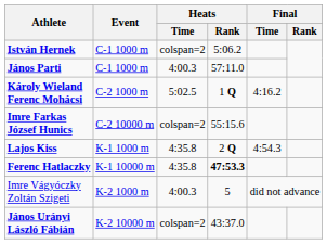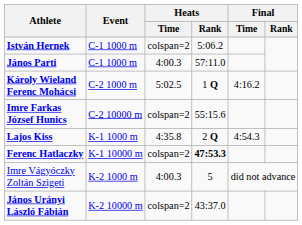 <table class="wikitable" style="font-size:90%">
 <tr>
 <th rowspan=2>Athlete</th>
 <th rowspan=2>Event</th>
 <th colspan=2>Heats</th>
 <th colspan=2>Final</th>
 </tr>
 <tr style="font-size:95%">
 <th>Time</th>
 <th>Rank</th>
 <th>Time</th>
 <th>Rank</th>
 </tr>
 <tr align=center>
 <td align=left><strong><a href='#'>István Hernek</a></strong></td>
 <td align=left><a href='#'>C-1 1000 m</a></td>
 <td>colspan=2 </td>
 <td>5:06.2</td>
 <td></td>
 </tr>
 <tr align=center>
 <td align=left><strong><a href='#'>János Parti</a></strong></td>
 <td align=left><a href='#'>C-1 1000 m</a></td>
 <td>4:00.3</td>
 <td>57:11.0</td>
 <td></td>
 </tr>
 <tr align=center>
 <td align=left><strong><a href='#'>Károly Wieland</a><br><a href='#'>Ferenc Mohácsi</a></strong></td>
 <td align=left><a href='#'>C-2 1000 m</a></td>
 <td>5:02.5</td>
 <td>1 <strong>Q</strong></td>
 <td>4:16.2</td>
 <td></td>
 </tr>
 <tr align=center>
 <td align=left><strong><a href='#'>Imre Farkas</a><br><a href='#'>József Hunics</a></strong></td>
 <td align=left><a href='#'>C-2 10000 m</a></td>
 <td>colspan=2 </td>
 <td>55:15.6</td>
 <td></td>
 </tr>
 <tr align=center>
 <td align=left><strong><a href='#'>Lajos Kiss</a></strong></td>
 <td align=left><a href='#'>K-1 1000 m</a></td>
 <td>4:35.8</td>
 <td>2 <strong>Q</strong></td>
 <td>4:54.3</td>
 <td></td>
 </tr>
 <tr align=center>
 <td align=left><strong><a href='#'>Ferenc Hatlaczky</a></strong></td>
 <td align=left><a href='#'>K-1 10000 m</a></td>
-<td>4:35.8</td>
+<td>colspan=2 </td>
 <td><strong>47:53.3</strong></td>
 <td></td>
 </tr>
 <tr align=center>
 <td align=left><a href='#'>Imre Vágyóczky</a><br><a href='#'>Zoltán Szigeti</a></td>
 <td align=left><a href='#'>K-2 1000 m</a></td>
 <td>4:00.3</td>
 <td>5</td>
 <td colspan=2>did not advance</td>
 </tr>
 <tr align=center>
 <td align=left><strong><a href='#'>János Urányi</a><br><a href='#'>László Fábián</a></strong></td>
 <td align=left><a href='#'>K-2 10000 m</a></td>
 <td>colspan=2 </td>
 <td>43:37.0</td>
 <td></td>
 </tr>
 </table>
